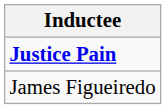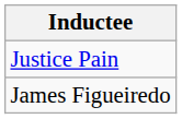 <table class="wikitable">
 <tr>
 <th>Inductee</th>
 </tr>
 <tr>
-<td><strong><a href='#'>Justice Pain</a></strong></td>
+<td><a href='#'>Justice Pain</a></td>
 </tr>
 <tr>
 <td>James Figueiredo</td>
 </tr>
 </table>
